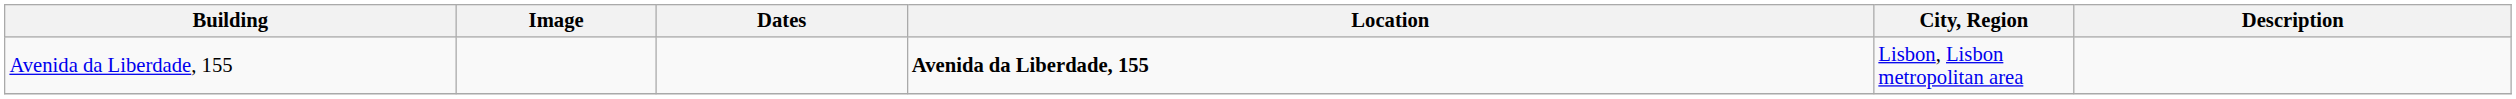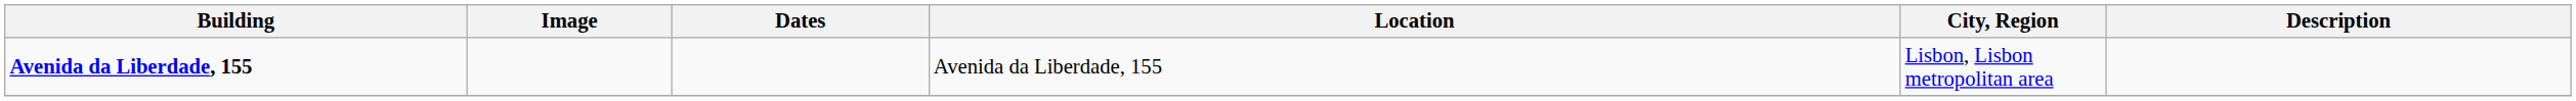 <table class="wikitable sortable" style="width:98%">
 <tr>
 <th width = 18%><strong>Building</strong></th>
 <th width = 8% class="unsortable"><strong>Image</strong></th>
 <th width = 10%><strong>Dates</strong></th>
 <th><strong>Location</strong></th>
 <th width = 8%><strong>City, Region</strong></th>
 <th class="unsortable"><strong>Description</strong></th>
 </tr>
 <tr>
-<td><a href='#'>Avenida da Liberdade</a>, 155</td>
+<td><strong><a href='#'>Avenida da Liberdade</a>, 155</strong></td>
 <td></td>
 <td></td>
-<td><strong>Avenida da Liberdade, 155<br></strong></td>
+<td>Avenida da Liberdade, 155<br></td>
 <td><a href='#'>Lisbon</a>, <a href='#'>Lisbon metropolitan area</a></td>
 <td></td>
 </tr>
 <tr>
 </tr>
 </table>
